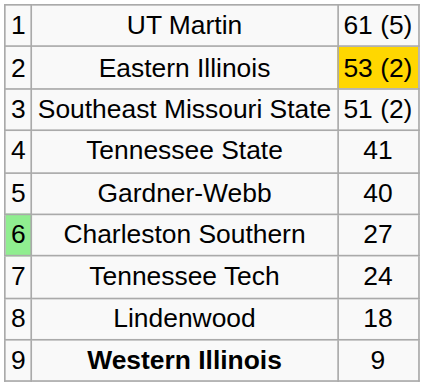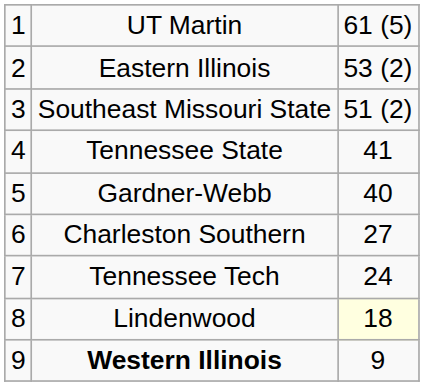 <table class="wikitable">
 <tr align="center">
 <td>1</td>
 <td>UT Martin</td>
 <td>61 (5)</td>
 </tr>
 <tr align="center">
 <td>2</td>
 <td>Eastern Illinois</td>
-<td style="background: gold;">53 (2)</td>
+<td>53 (2)</td>
 </tr>
 <tr align="center">
 <td>3</td>
 <td>Southeast Missouri State</td>
 <td>51 (2)</td>
 </tr>
 <tr align="center">
 <td>4</td>
 <td>Tennessee State</td>
 <td>41</td>
 </tr>
 <tr align="center">
 <td>5</td>
 <td>Gardner-Webb</td>
 <td>40</td>
 </tr>
 <tr align="center">
-<td style="background: lightgreen;">6</td>
+<td>6</td>
 <td>Charleston Southern</td>
 <td>27</td>
 </tr>
 <tr align="center">
 <td>7</td>
 <td>Tennessee Tech</td>
 <td>24</td>
 </tr>
 <tr align="center">
 <td>8</td>
 <td>Lindenwood</td>
-<td>18</td>
+<td style="background: lightyellow;">18</td>
 </tr>
 <tr align="center">
 <td>9</td>
 <td><strong>Western Illinois</strong></td>
 <td>9</td>
 </tr>
 </table>
